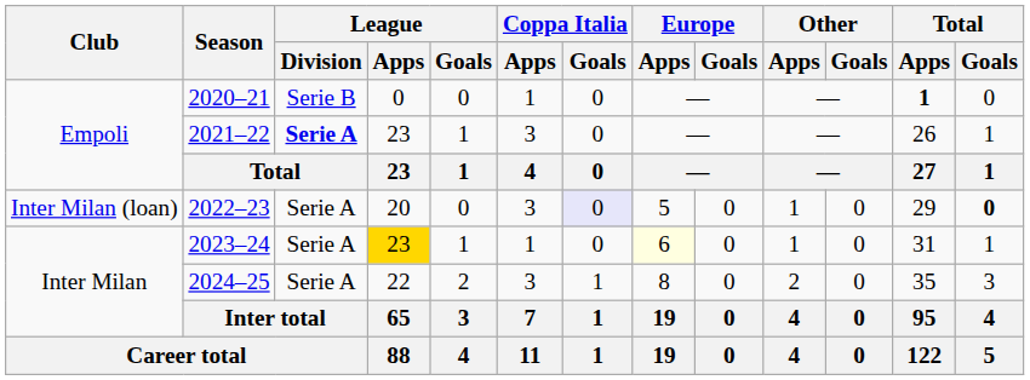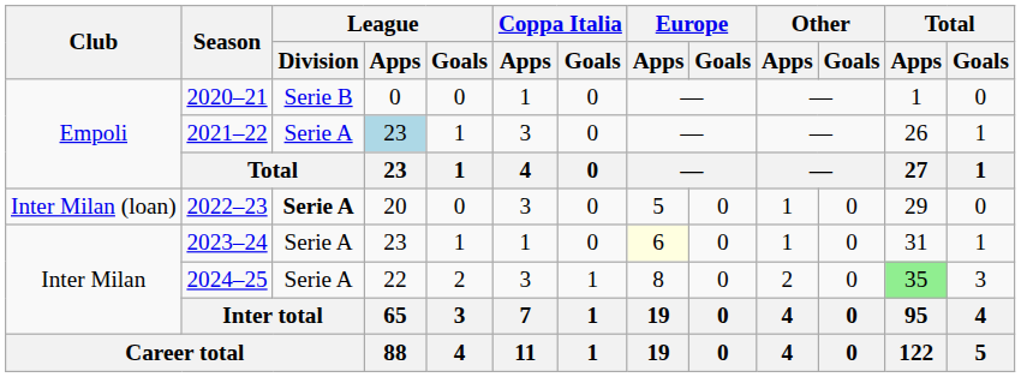 <table class="wikitable" style="text-align: center" border="1">
 <tr>
 <th rowspan="2">Club</th>
 <th rowspan="2">Season</th>
 <th colspan="3">League</th>
 <th colspan="2"><a href='#'>Coppa Italia</a></th>
 <th colspan="2"><a href='#'>Europe</a></th>
 <th colspan="2">Other</th>
 <th colspan="2">Total</th>
 </tr>
 <tr>
 <th>Division</th>
 <th>Apps</th>
 <th>Goals</th>
 <th>Apps</th>
 <th>Goals</th>
 <th>Apps</th>
 <th>Goals</th>
 <th>Apps</th>
 <th>Goals</th>
 <th>Apps</th>
 <th>Goals</th>
 </tr>
 <tr>
 <td rowspan="3"><a href='#'>Empoli</a></td>
 <td><a href='#'>2020–21</a></td>
 <td><a href='#'>Serie B</a></td>
 <td>0</td>
 <td>0</td>
 <td>1</td>
 <td>0</td>
 <td colspan="2">—</td>
 <td colspan="2">—</td>
-<td><strong>1</strong></td>
+<td>1</td>
 <td>0</td>
 </tr>
 <tr>
 <td><a href='#'>2021–22</a></td>
-<td><strong><a href='#'>Serie A</a></strong></td>
-<td>23</td>
+<td><a href='#'>Serie A</a></td>
+<td style="background: lightblue;">23</td>
 <td>1</td>
 <td>3</td>
 <td>0</td>
 <td colspan="2">—</td>
 <td colspan="2">—</td>
 <td>26</td>
 <td>1</td>
 </tr>
 <tr>
 <th colspan="2">Total</th>
 <th>23</th>
 <th>1</th>
 <th>4</th>
 <th>0</th>
 <th colspan="2">—</th>
 <th colspan="2">—</th>
 <th>27</th>
 <th>1</th>
 </tr>
 <tr>
 <td><a href='#'>Inter Milan</a> (loan)</td>
 <td><a href='#'>2022–23</a></td>
-<td>Serie A</td>
+<td><strong>Serie A</strong></td>
 <td>20</td>
 <td>0</td>
 <td>3</td>
-<td style="background: lavender;">0</td>
+<td>0</td>
 <td>5</td>
 <td>0</td>
 <td>1</td>
 <td>0</td>
 <td>29</td>
-<td><strong>0</strong></td>
+<td>0</td>
 </tr>
 <tr>
 <td rowspan="3">Inter Milan</td>
 <td><a href='#'>2023–24</a></td>
 <td>Serie A</td>
-<td style="background: gold;">23</td>
+<td>23</td>
 <td>1</td>
 <td>1</td>
 <td>0</td>
 <td style="background: lightyellow;">6</td>
 <td>0</td>
 <td>1</td>
 <td>0</td>
 <td>31</td>
 <td>1</td>
 </tr>
 <tr>
 <td><a href='#'>2024–25</a></td>
 <td>Serie A</td>
 <td>22</td>
 <td>2</td>
 <td>3</td>
 <td>1</td>
 <td>8</td>
 <td>0</td>
 <td>2</td>
 <td>0</td>
-<td>35</td>
+<td style="background: lightgreen;">35</td>
 <td>3</td>
 </tr>
 <tr>
 <th colspan="2">Inter total</th>
 <th>65</th>
 <th>3</th>
 <th>7</th>
 <th>1</th>
 <th>19</th>
 <th>0</th>
 <th>4</th>
 <th>0</th>
 <th>95</th>
 <th>4</th>
 </tr>
 <tr>
 <th colspan="3">Career total</th>
 <th>88</th>
 <th>4</th>
 <th>11</th>
 <th>1</th>
 <th>19</th>
 <th>0</th>
 <th>4</th>
 <th>0</th>
 <th>122</th>
 <th>5</th>
 </tr>
 </table>
